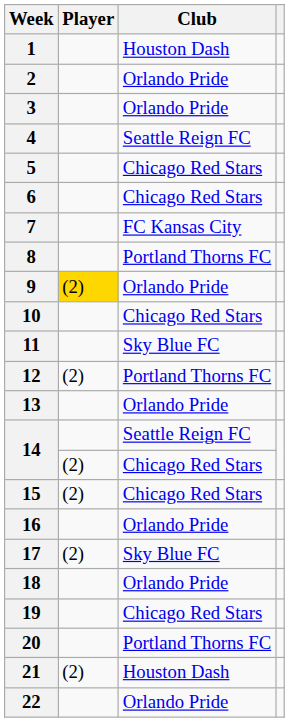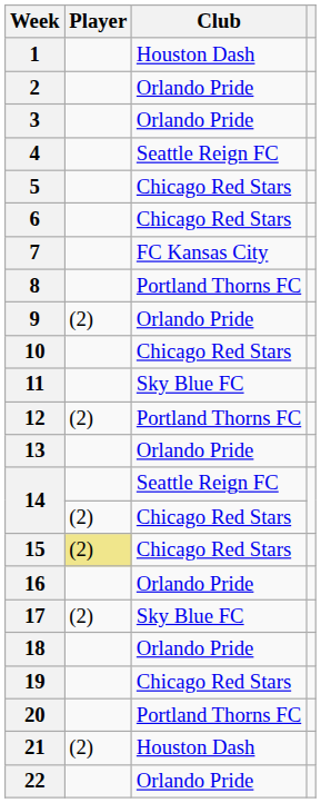 <table class="wikitable sortable">
 <tr>
 <th scope="col">Week</th>
 <th scope="col">Player</th>
 <th scope="col">Club</th>
 <th scope="col"></th>
 </tr>
 <tr>
 <th scope="row">1</th>
 <td> </td>
 <td><a href='#'>Houston Dash</a></td>
 <td></td>
 </tr>
 <tr>
 <th scope="row">2</th>
 <td> </td>
 <td><a href='#'>Orlando Pride</a></td>
 <td></td>
 </tr>
 <tr>
 <th scope="row">3</th>
 <td> </td>
 <td><a href='#'>Orlando Pride</a></td>
 <td></td>
 </tr>
 <tr>
 <th scope="row">4</th>
 <td> </td>
 <td><a href='#'>Seattle Reign FC</a></td>
 <td></td>
 </tr>
 <tr>
 <th scope="row">5</th>
 <td> </td>
 <td><a href='#'>Chicago Red Stars</a></td>
 <td></td>
 </tr>
 <tr>
 <th scope="row">6</th>
 <td> </td>
 <td><a href='#'>Chicago Red Stars</a></td>
 <td></td>
 </tr>
 <tr>
 <th scope="row">7</th>
 <td> </td>
 <td><a href='#'>FC Kansas City</a></td>
 <td></td>
 </tr>
 <tr>
 <th scope="row">8</th>
 <td> </td>
 <td><a href='#'>Portland Thorns FC</a></td>
 <td></td>
 </tr>
 <tr>
 <th scope="row">9</th>
-<td style="background: gold;">  (2)</td>
+<td>  (2)</td>
 <td><a href='#'>Orlando Pride</a></td>
 <td></td>
 </tr>
 <tr>
 <th scope="row">10</th>
 <td> </td>
 <td><a href='#'>Chicago Red Stars</a></td>
 <td></td>
 </tr>
 <tr>
 <th scope="row">11</th>
 <td> </td>
 <td><a href='#'>Sky Blue FC</a></td>
 <td></td>
 </tr>
 <tr>
 <th scope="row">12</th>
 <td>  (2)</td>
 <td><a href='#'>Portland Thorns FC</a></td>
 <td></td>
 </tr>
 <tr>
 <th scope="row">13</th>
 <td> </td>
 <td><a href='#'>Orlando Pride</a></td>
 <td></td>
 </tr>
 <tr>
 <th rowspan=2 scope="row">14</th>
 <td> </td>
 <td><a href='#'>Seattle Reign FC</a></td>
 <td rowspan=2></td>
 </tr>
 <tr>
 <td>  (2)</td>
 <td><a href='#'>Chicago Red Stars</a></td>
 </tr>
 <tr>
 <th scope="row">15</th>
-<td>  (2)</td>
+<td style="background: khaki;">  (2)</td>
 <td><a href='#'>Chicago Red Stars</a></td>
 <td></td>
 </tr>
 <tr>
 <th scope="row">16</th>
 <td> </td>
 <td><a href='#'>Orlando Pride</a></td>
 <td></td>
 </tr>
 <tr>
 <th scope="row">17</th>
 <td>  (2)</td>
 <td><a href='#'>Sky Blue FC</a></td>
 <td></td>
 </tr>
 <tr>
 <th scope="row">18</th>
 <td> </td>
 <td><a href='#'>Orlando Pride</a></td>
 <td></td>
 </tr>
 <tr>
 <th scope="row">19</th>
 <td> </td>
 <td><a href='#'>Chicago Red Stars</a></td>
 <td></td>
 </tr>
 <tr>
 <th scope="row">20</th>
 <td> </td>
 <td><a href='#'>Portland Thorns FC</a></td>
 <td></td>
 </tr>
 <tr>
 <th scope="row">21</th>
 <td>  (2)</td>
 <td><a href='#'>Houston Dash</a></td>
 <td></td>
 </tr>
 <tr>
 <th scope="row">22</th>
 <td> </td>
 <td><a href='#'>Orlando Pride</a></td>
 <td></td>
 </tr>
 </table>
